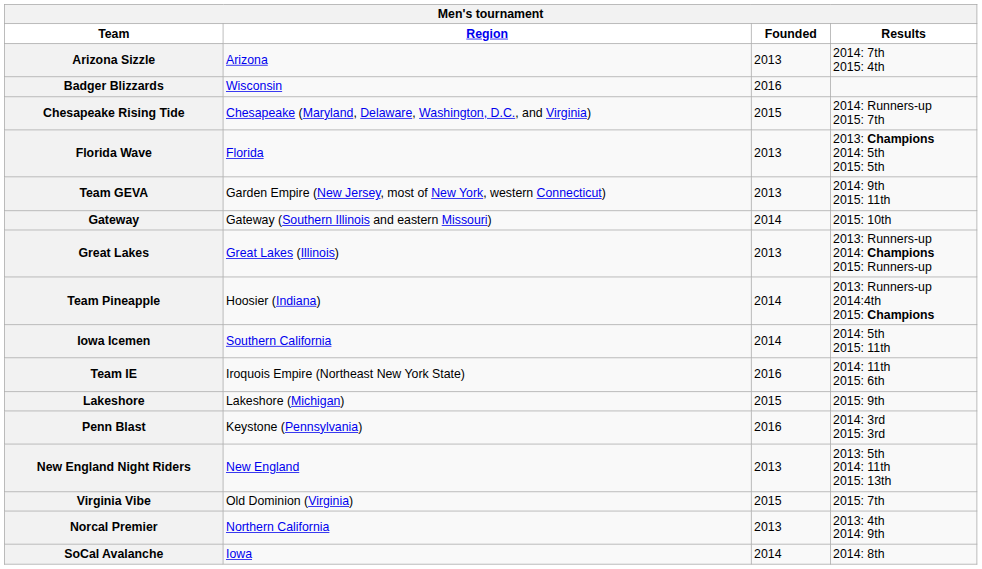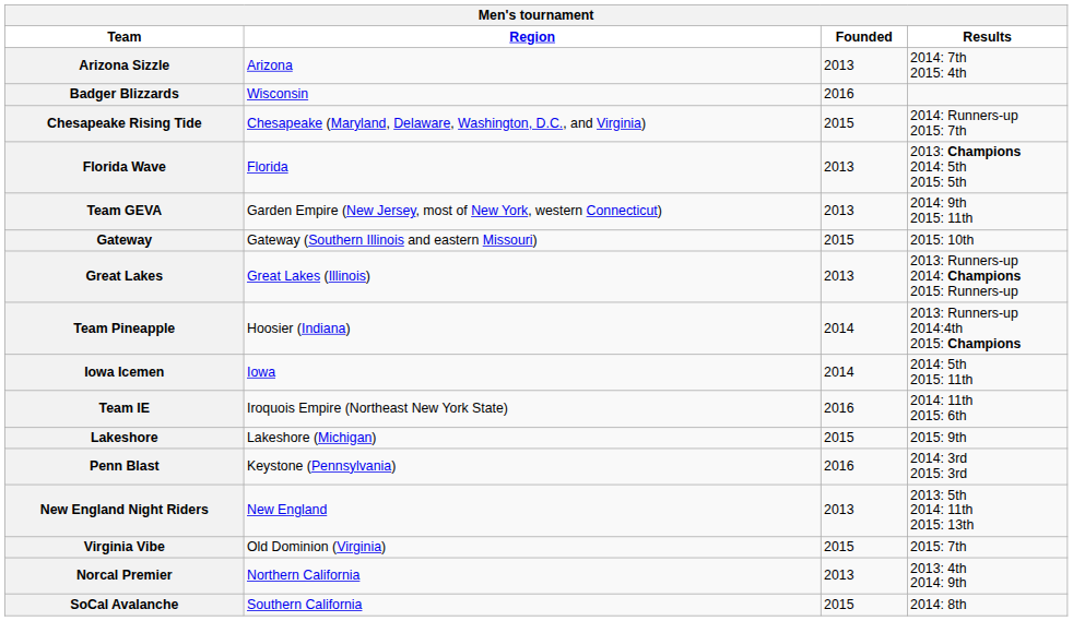 <table class="wikitable" style="width:100%">
 <tr>
 <th colspan=4><strong>Men's tournament</strong></th>
 </tr>
 <tr>
 <th style="background:white;">Team</th>
 <th style="background:white;"><a href='#'>Region</a></th>
 <th style="background:white;">Founded</th>
 <th style="background:white;">Results</th>
 </tr>
 <tr>
 <th>Arizona Sizzle</th>
 <td><a href='#'>Arizona</a></td>
 <td>2013</td>
 <td>2014: 7th<br>2015: 4th</td>
 </tr>
 <tr>
 <th>Badger Blizzards</th>
 <td><a href='#'>Wisconsin</a></td>
 <td>2016</td>
 <td></td>
 </tr>
 <tr>
 <th>Chesapeake Rising Tide</th>
 <td><a href='#'>Chesapeake</a> (<a href='#'>Maryland</a>, <a href='#'>Delaware</a>, <a href='#'>Washington, D.C.</a>, and <a href='#'>Virginia</a>)</td>
 <td>2015</td>
 <td>2014: Runners-up<br>2015: 7th</td>
 </tr>
 <tr>
 <th>Florida Wave</th>
 <td><a href='#'>Florida</a></td>
 <td>2013</td>
 <td>2013: <strong>Champions</strong><br>2014: 5th<br>2015: 5th</td>
 </tr>
 <tr>
 <th>Team GEVA</th>
 <td>Garden Empire (<a href='#'>New Jersey</a>, most of <a href='#'>New York</a>, western <a href='#'>Connecticut</a>)</td>
 <td>2013</td>
 <td>2014: 9th<br>2015: 11th</td>
 </tr>
 <tr>
 <th>Gateway</th>
 <td>Gateway (<a href='#'>Southern Illinois</a> and eastern <a href='#'>Missouri</a>)</td>
-<td>2014</td>
+<td>2015</td>
 <td>2015: 10th</td>
 </tr>
 <tr>
 <th>Great Lakes</th>
 <td><a href='#'>Great Lakes</a> (<a href='#'>Illinois</a>)</td>
 <td>2013</td>
 <td>2013: Runners-up<br>2014: <strong>Champions</strong><br>2015: Runners-up</td>
 </tr>
 <tr>
 <th>Team Pineapple</th>
 <td>Hoosier (<a href='#'>Indiana</a>)</td>
 <td>2014</td>
 <td>2013: Runners-up<br>2014:4th<br>2015: <strong>Champions</strong></td>
 </tr>
 <tr>
 <th>Iowa Icemen</th>
-<td><a href='#'>Southern California</a></td>
+<td><a href='#'>Iowa</a></td>
 <td>2014</td>
 <td>2014: 5th<br>2015: 11th</td>
 </tr>
 <tr>
 <th>Team IE</th>
 <td>Iroquois Empire (Northeast New York State)</td>
 <td>2016</td>
 <td>2014: 11th<br>2015: 6th</td>
 </tr>
 <tr>
 <th>Lakeshore</th>
 <td>Lakeshore (<a href='#'>Michigan</a>)</td>
 <td>2015</td>
 <td>2015: 9th</td>
 </tr>
 <tr>
 <th>Penn Blast</th>
 <td>Keystone (<a href='#'>Pennsylvania</a>)</td>
 <td>2016</td>
 <td>2014: 3rd<br>2015: 3rd</td>
 </tr>
 <tr>
 <th>New England Night Riders</th>
 <td><a href='#'>New England</a></td>
 <td>2013</td>
 <td>2013: 5th<br>2014: 11th<br>2015: 13th</td>
 </tr>
 <tr>
 <th>Virginia Vibe</th>
 <td>Old Dominion (<a href='#'>Virginia</a>)</td>
 <td>2015</td>
 <td>2015: 7th</td>
 </tr>
 <tr>
 <th>Norcal Premier</th>
 <td><a href='#'>Northern California</a></td>
 <td>2013</td>
 <td>2013: 4th<br>2014: 9th</td>
 </tr>
 <tr>
 <th>SoCal Avalanche</th>
-<td><a href='#'>Iowa</a></td>
-<td>2014</td>
+<td><a href='#'>Southern California</a></td>
+<td>2015</td>
 <td>2014: 8th</td>
 </tr>
 </table>
